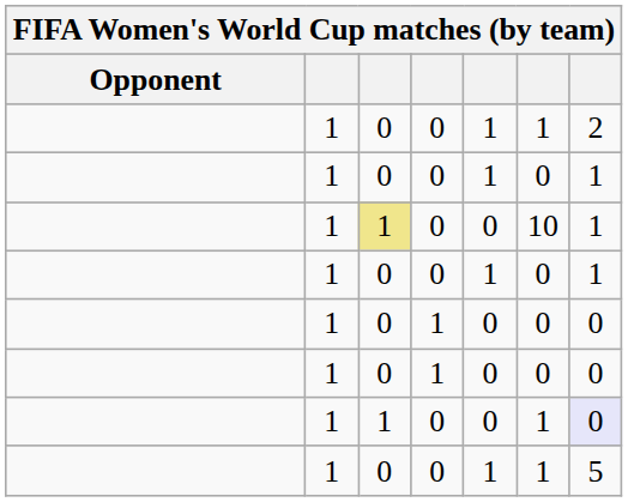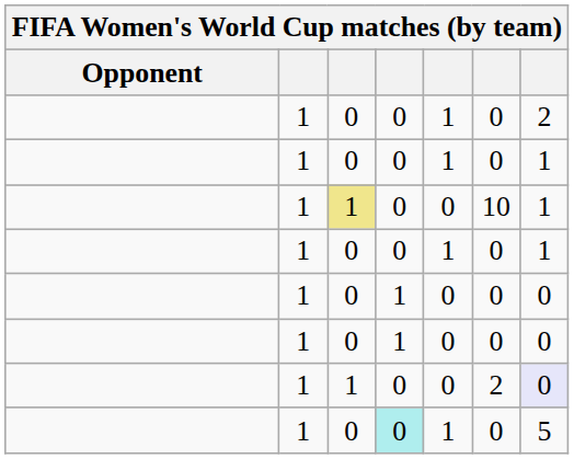 <table class="wikitable sortable" style="text-align: center;">
 <tr>
 <th colspan=7>FIFA Women's World Cup matches (by team)</th>
 </tr>
 <tr>
 <th>Opponent</th>
 <th style="width:20px;"></th>
 <th style="width:20px;"></th>
 <th style="width:20px;"></th>
 <th style="width:20px;"></th>
 <th style="width:20px;"></th>
 <th style="width:20px;"></th>
 </tr>
 <tr>
 <td align="left"></td>
 <td>1</td>
 <td>0</td>
 <td>0</td>
 <td>1</td>
-<td>1</td>
+<td>0</td>
 <td>2</td>
 </tr>
 <tr>
 <td align="left"></td>
 <td>1</td>
 <td>0</td>
 <td>0</td>
 <td>1</td>
 <td>0</td>
 <td>1</td>
 </tr>
 <tr>
 <td align="left"></td>
 <td>1</td>
 <td style="background: khaki;">1</td>
 <td>0</td>
 <td>0</td>
 <td>10</td>
 <td>1</td>
 </tr>
 <tr>
 <td align="left"></td>
 <td>1</td>
 <td>0</td>
 <td>0</td>
 <td>1</td>
 <td>0</td>
 <td>1</td>
 </tr>
 <tr>
 <td align="left"></td>
 <td>1</td>
 <td>0</td>
 <td>1</td>
 <td>0</td>
 <td>0</td>
 <td>0</td>
 </tr>
 <tr>
 <td align="left"></td>
 <td>1</td>
 <td>0</td>
 <td>1</td>
 <td>0</td>
 <td>0</td>
 <td>0</td>
 </tr>
 <tr>
 <td align="left"></td>
 <td>1</td>
 <td>1</td>
 <td>0</td>
 <td>0</td>
-<td>1</td>
+<td>2</td>
 <td style="background: lavender;">0</td>
 </tr>
 <tr>
 <td align="left"></td>
 <td>1</td>
 <td>0</td>
+<td style="background: paleturquoise;">0</td>
+<td>1</td>
 <td>0</td>
-<td>1</td>
-<td>1</td>
 <td>5</td>
 </tr>
 </table>
